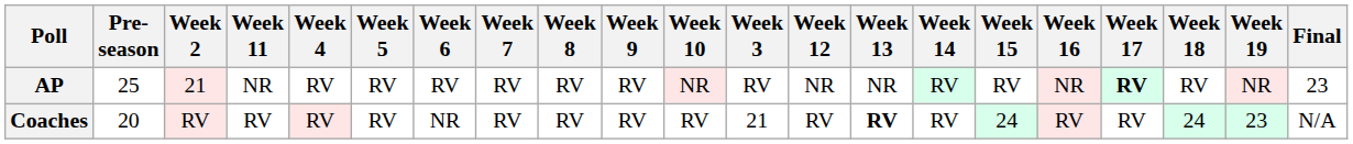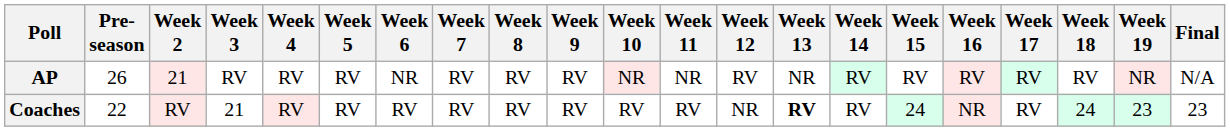 <table class="wikitable" style="white-space:nowrap;font-size:90%">
 <tr>
 <th>Poll</th>
 <th>Pre-<br>season</th>
 <th>Week<br>2</th>
-<th>Week<br>11</th>
+<th>Week<br>3</th>
 <th>Week<br>4</th>
 <th>Week<br>5</th>
 <th>Week<br>6</th>
 <th>Week<br>7</th>
 <th>Week<br>8</th>
 <th>Week<br>9</th>
 <th>Week<br>10</th>
-<th>Week<br>3</th>
+<th>Week<br>11</th>
 <th>Week<br>12</th>
 <th>Week<br>13</th>
 <th>Week<br>14</th>
 <th>Week<br>15</th>
 <th>Week<br>16</th>
 <th>Week<br>17</th>
 <th>Week<br>18</th>
 <th>Week<br>19</th>
 <th>Final</th>
 </tr>
 <tr style="text-align:center;">
 <th>AP</th>
-<td style="background:#FFF;">25</td>
+<td style="background:#FFF;">26</td>
 <td style="background:#FFE6E6;">21</td>
+<td style="background:#FFF;">RV</td>
+<td style="background:#FFF;">RV</td>
+<td style="background:#FFF;">RV</td>
 <td style="background:#FFF;">NR</td>
+<td style="background:#FFF;">RV</td>
+<td style="background:#FFF;">RV</td>
+<td style="background:#FFF;">RV</td>
+<td style="background:#FFE6E6;">NR</td>
+<td style="background:#FFF;">NR</td>
+<td style="background:#FFF;">RV</td>
+<td style="background:#FFF;">NR</td>
+<td style="background:#D8FFEB;">RV</td>
+<td style="background:#FFF;">RV</td>
+<td style="background:#FFE6E6;">RV</td>
+<td style="background:#D8FFEB;">RV</td>
+<td style="background:#FFF;">RV</td>
+<td style="background:#FFE6E6;">NR</td>
+<td style="background:#FFF;">N/A</td>
+</tr>
+<tr style="text-align:center;">
+<th>Coaches</th>
+<td style="background:#FFF;">22</td>
+<td style="background:#FFE6E6;">RV</td>
+<td style="background:#FFF;">21</td>
+<td style="background:#FFE6E6;">RV</td>
 <td style="background:#FFF;">RV</td>
 <td style="background:#FFF;">RV</td>
 <td style="background:#FFF;">RV</td>
 <td style="background:#FFF;">RV</td>
 <td style="background:#FFF;">RV</td>
 <td style="background:#FFF;">RV</td>
-<td style="background:#FFE6E6;">NR</td>
 <td style="background:#FFF;">RV</td>
 <td style="background:#FFF;">NR</td>
-<td style="background:#FFF;">NR</td>
-<td style="background:#D8FFEB;">RV</td>
-<td style="background:#FFF;">RV</td>
-<td style="background:#FFE6E6;">NR</td>
-<td style="background:#D8FFEB;"><strong>RV</strong></td>
-<td style="background:#FFF;">RV</td>
-<td style="background:#FFE6E6;">NR</td>
-<td style="background:#FFF;">23</td>
-</tr>
-<tr style="text-align:center;">
-<th>Coaches</th>
-<td style="background:#FFF;">20</td>
-<td style="background:#FFE6E6;">RV</td>
-<td style="background:#FFF;">RV</td>
-<td style="background:#FFE6E6;">RV</td>
-<td style="background:#FFF;">RV</td>
-<td style="background:#FFF;">NR</td>
-<td style="background:#FFF;">RV</td>
-<td style="background:#FFF;">RV</td>
-<td style="background:#FFF;">RV</td>
-<td style="background:#FFF;">RV</td>
-<td style="background:#FFF;">21</td>
-<td style="background:#FFF;">RV</td>
 <td style="background:#FFF;"><strong>RV</strong></td>
 <td style="background:#FFF;">RV</td>
 <td style="background:#D8FFEB;">24</td>
-<td style="background:#FFE6E6;">RV</td>
+<td style="background:#FFE6E6;">NR</td>
 <td style="background:#FFF;">RV</td>
 <td style="background:#D8FFEB;">24</td>
 <td style="background:#D8FFEB;">23</td>
-<td style="background:#FFF;">N/A</td>
+<td style="background:#FFF;">23</td>
 </tr>
 </table>
